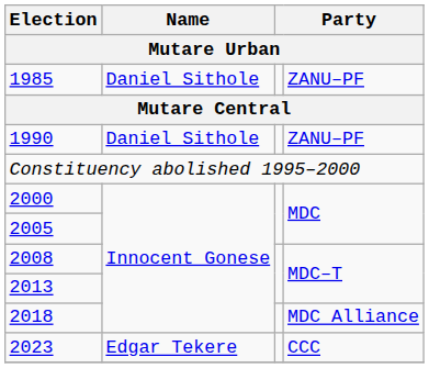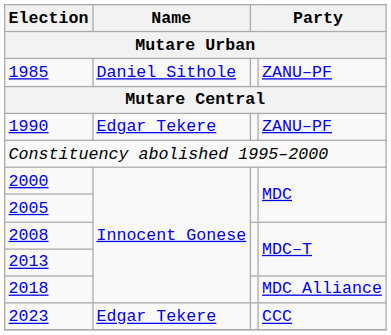 <table class="wikitable">
 <tr>
 <th>Election</th>
 <th>Name</th>
 <th colspan="2">Party</th>
 </tr>
 <tr>
 <th colspan="4">Mutare Urban</th>
 </tr>
 <tr>
 <td><a href='#'>1985</a></td>
 <td><a href='#'>Daniel Sithole</a></td>
 <td style="background-color: "></td>
 <td><a href='#'>ZANU–PF</a></td>
 </tr>
 <tr>
 <th colspan="4">Mutare Central</th>
 </tr>
 <tr>
 <td><a href='#'>1990</a></td>
-<td><a href='#'>Daniel Sithole</a></td>
+<td><a href='#'>Edgar Tekere</a></td>
 <td style="background-color: "></td>
 <td><a href='#'>ZANU–PF</a></td>
 </tr>
 <tr>
 <td colspan="4"><em>Constituency abolished 1995–2000</em></td>
 </tr>
 <tr>
 <td><a href='#'>2000</a></td>
 <td rowspan="5"><a href='#'>Innocent Gonese</a></td>
 <td rowspan="2" style="background-color: "></td>
 <td rowspan="2"><a href='#'>MDC</a></td>
 </tr>
 <tr>
 <td><a href='#'>2005</a></td>
 </tr>
 <tr>
 <td><a href='#'>2008</a></td>
 <td rowspan="2" style="background-color: "></td>
 <td rowspan="2"><a href='#'>MDC–T</a></td>
 </tr>
 <tr>
 <td><a href='#'>2013</a></td>
 </tr>
 <tr>
 <td><a href='#'>2018</a></td>
 <td style="background-color: "></td>
 <td><a href='#'>MDC Alliance</a></td>
 </tr>
 <tr>
 <td><a href='#'>2023</a></td>
 <td><a href='#'>Edgar Tekere</a></td>
 <td style="background-color: "></td>
 <td><a href='#'>CCC</a></td>
 </tr>
 <tr>
 </tr>
 </table>
